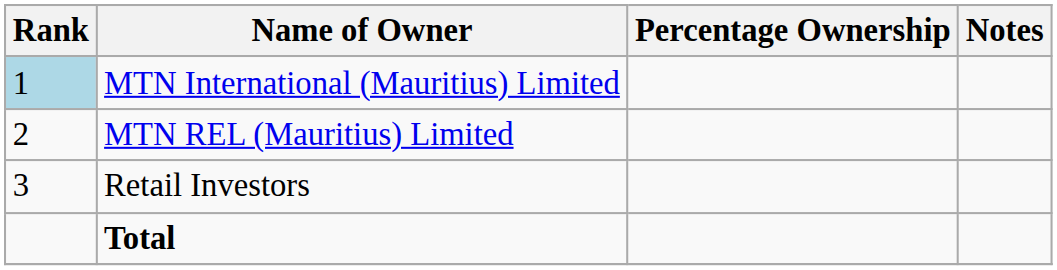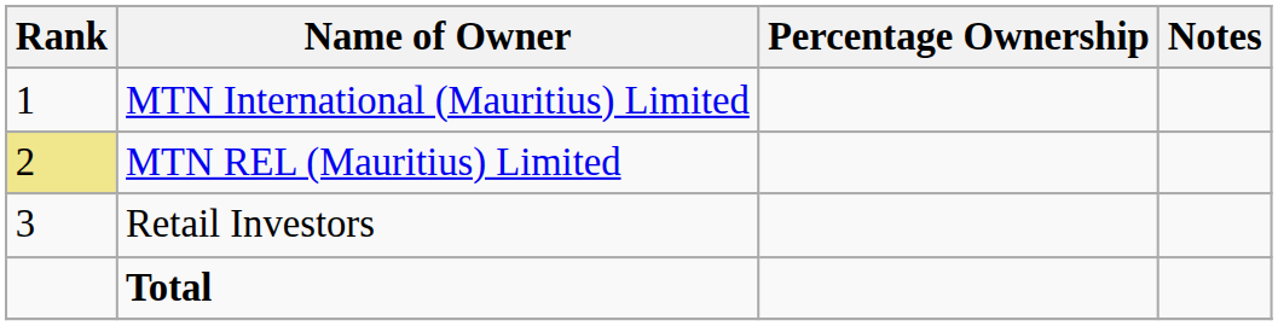 <table class="wikitable sortable" style="margin: 0.5em auto">
 <tr>
 <th>Rank</th>
 <th>Name of Owner</th>
 <th>Percentage Ownership</th>
 <th>Notes</th>
 </tr>
 <tr>
-<td style="background: lightblue;">1</td>
+<td>1</td>
 <td><a href='#'>MTN International (Mauritius) Limited</a></td>
 <td></td>
 <td></td>
 </tr>
 <tr>
-<td>2</td>
+<td style="background: khaki;">2</td>
 <td><a href='#'>MTN REL (Mauritius) Limited</a></td>
 <td></td>
 <td></td>
 </tr>
 <tr>
 <td>3</td>
 <td>Retail Investors</td>
 <td></td>
 <td></td>
 </tr>
 <tr>
 <td></td>
 <td><strong>Total</strong></td>
 <td></td>
 <td></td>
 </tr>
 <tr>
 </tr>
 </table>
